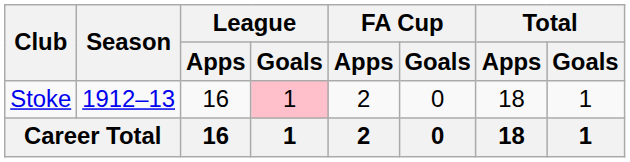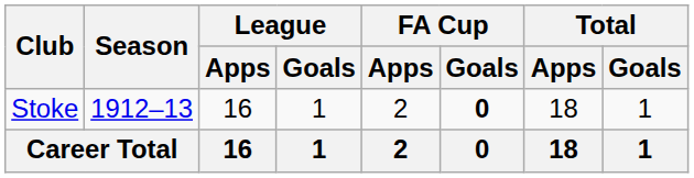 <table class="wikitable" style="text-align: center;">
 <tr>
 <th rowspan="2">Club</th>
 <th rowspan="2">Season</th>
 <th colspan="2">League</th>
 <th colspan="2">FA Cup</th>
 <th colspan="2">Total</th>
 </tr>
 <tr>
 <th>Apps</th>
 <th>Goals</th>
 <th>Apps</th>
 <th>Goals</th>
 <th>Apps</th>
 <th>Goals</th>
 </tr>
 <tr>
 <td><a href='#'>Stoke</a></td>
 <td><a href='#'>1912–13</a></td>
 <td>16</td>
-<td style="background: pink;">1</td>
+<td>1</td>
 <td>2</td>
-<td>0</td>
+<td><strong>0</strong></td>
 <td>18</td>
 <td>1</td>
 </tr>
 <tr>
 <th colspan="2">Career Total</th>
 <th>16</th>
 <th>1</th>
 <th>2</th>
 <th>0</th>
 <th>18</th>
 <th>1</th>
 </tr>
 </table>
